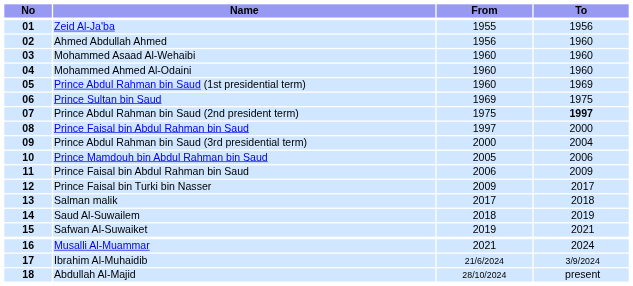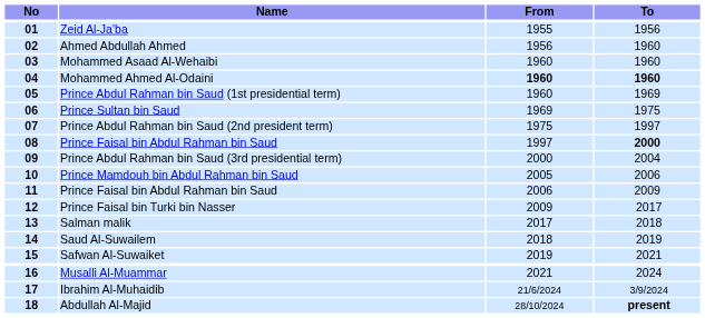 <table width=60%>
 <tr style="background:#9799F3">
 <th width=5%>No</th>
 <th width=40%>Name</th>
 <th width=10%>From</th>
 <th width=10%>To</th>
 </tr>
 <tr>
 </tr>
 <tr style="background:#D0E7FF">
 <td style="text-align:center"><strong>01</strong></td>
 <td style="text-align:left"> <a href='#'>Zeid Al-Ja'ba</a></td>
 <td style="text-align:center">1955</td>
 <td style="text-align:center">1956</td>
 </tr>
 <tr style="background:#D0E7FF">
 <td style="text-align:center"><strong>02</strong></td>
 <td style="text-align:left"> Ahmed Abdullah Ahmed</td>
 <td style="text-align:center">1956</td>
 <td style="text-align:center">1960</td>
 </tr>
 <tr style="background:#D0E7FF">
 <td style="text-align:center"><strong>03</strong></td>
 <td style="text-align:left"> Mohammed Asaad Al-Wehaibi</td>
 <td style="text-align:center">1960</td>
 <td style="text-align:center">1960</td>
 </tr>
 <tr style="background:#D0E7FF">
 <td style="text-align:center"><strong>04</strong></td>
 <td style="text-align:left"> Mohammed Ahmed Al-Odaini</td>
-<td style="text-align:center">1960</td>
-<td style="text-align:center">1960</td>
+<td style="text-align:center"><strong>1960</strong></td>
+<td style="text-align:center"><strong>1960</strong></td>
 </tr>
 <tr style="background:#D0E7FF">
 <td style="text-align:center"><strong>05</strong></td>
 <td style="text-align:left"> <a href='#'>Prince Abdul Rahman bin Saud</a> (1st presidential term)</td>
 <td style="text-align:center">1960</td>
 <td style="text-align:center">1969</td>
 </tr>
 <tr style="background:#D0E7FF">
 <td style="text-align:center"><strong>06</strong></td>
 <td style="text-align:left"> <a href='#'>Prince Sultan bin Saud</a></td>
 <td style="text-align:center">1969</td>
 <td style="text-align:center">1975</td>
 </tr>
 <tr style="background:#D0E7FF">
 <td style="text-align:center"><strong>07</strong></td>
 <td style="text-align:left"> Prince Abdul Rahman bin Saud (2nd president term)</td>
 <td style="text-align:center">1975</td>
-<td style="text-align:center"><strong>1997</strong></td>
+<td style="text-align:center">1997</td>
 </tr>
 <tr style="background:#D0E7FF">
 <td style="text-align:center"><strong>08</strong></td>
 <td style="text-align:left"> <a href='#'>Prince Faisal bin Abdul Rahman bin Saud</a></td>
 <td style="text-align:center">1997</td>
-<td style="text-align:center">2000</td>
+<td style="text-align:center"><strong>2000</strong></td>
 </tr>
 <tr style="background:#D0E7FF">
 <td style="text-align:center"><strong>09</strong></td>
 <td style="text-align:left"> Prince Abdul Rahman bin Saud (3rd presidential term)</td>
 <td style="text-align:center">2000</td>
 <td style="text-align:center">2004</td>
 </tr>
 <tr style="background:#D0E7FF">
 <td style="text-align:center"><strong>10</strong></td>
 <td style="text-align:left"> <a href='#'>Prince Mamdouh bin Abdul Rahman bin Saud</a></td>
 <td style="text-align:center">2005</td>
 <td style="text-align:center">2006</td>
 </tr>
 <tr style="background:#D0E7FF">
 <td style="text-align:center"><strong>11</strong></td>
 <td style="text-align:left"> Prince Faisal bin Abdul Rahman bin Saud</td>
 <td style="text-align:center">2006</td>
 <td style="text-align:center">2009</td>
 </tr>
 <tr style="background:#D0E7FF">
 <td style="text-align:center"><strong>12</strong></td>
 <td style="text-align:left"> Prince Faisal bin Turki bin Nasser</td>
 <td style="text-align:center">2009</td>
 <td style="text-align:center"> 2017</td>
 </tr>
 <tr style="background:#D0E7FF">
 <td style="text-align:center"><strong>13</strong></td>
 <td style="text-align:left"> Salman malik</td>
 <td style="text-align:center">2017</td>
 <td style="text-align:center"> 2018</td>
 </tr>
 <tr style="background:#D0E7FF">
 <td style="text-align:center"><strong>14</strong></td>
 <td style="text-align:left"> Saud Al-Suwailem</td>
 <td style="text-align:center">2018</td>
 <td style="text-align:center"> 2019</td>
 </tr>
 <tr style="background:#D0E7FF">
 <td style="text-align:center"><strong>15</strong></td>
 <td style="text-align:left"> Safwan Al-Suwaiket</td>
 <td style="text-align:center">2019</td>
 <td style="text-align:center"> 2021</td>
 </tr>
 <tr style="background:#D0E7FF">
 </tr>
 <tr style="background:#D0E7FF">
 <td style="text-align:center"><strong>16</strong></td>
 <td style="text-align:left"> <a href='#'>Musalli Al-Muammar</a></td>
 <td style="text-align:center">2021</td>
 <td style="text-align:center"> 2024</td>
 </tr>
 <tr style="background:#D0E7FF">
 <td style="text-align:center"><strong>17</strong></td>
 <td style="text-align:left"> Ibrahim Al-Muhaidib</td>
 <td style="text-align:center"><small>21/6/2024</small></td>
 <td style="text-align:center"> <small>3/9/2024</small></td>
 </tr>
 <tr style="background:#D0E7FF">
 <td style="text-align:center"><strong>18</strong></td>
 <td style="text-align:left"> Abdullah Al-Majid</td>
 <td style="text-align:center"><small>28/10/2024</small></td>
-<td style="text-align:center"> present</td>
+<td style="text-align:center"><strong> present</strong></td>
 </tr>
 <tr style="background:#D0E7FF">
 </tr>
 </table>
